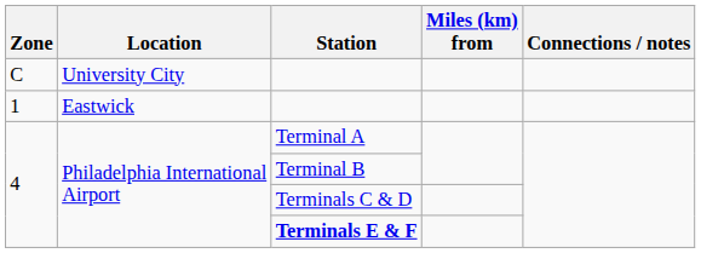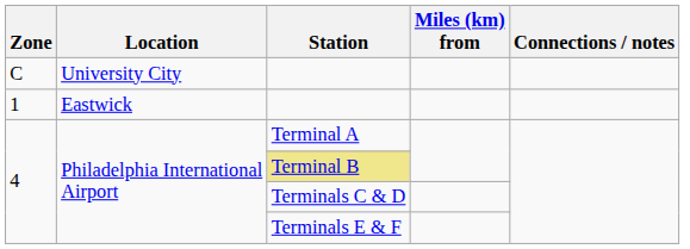 <table class="wikitable">
 <tr style="vertical-align:bottom;"|>
 <th>Zone</th>
 <th>Location</th>
 <th>Station</th>
 <th><a href='#'>Miles (km)</a><br>from<br></th>
 <th class="nowrap">Connections / notes</th>
 </tr>
 <tr>
 <td>C</td>
 <td><a href='#'>University City</a></td>
 <td> </td>
 <td></td>
 <td></td>
 </tr>
 <tr>
 <td>1</td>
 <td><a href='#'>Eastwick</a></td>
 <td> </td>
 <td></td>
 <td></td>
 </tr>
 <tr>
 <td rowspan=4>4</td>
 <td rowspan=4><a href='#'>Philadelphia International<br>Airport</a> </td>
 <td><a href='#'>Terminal A</a> </td>
 <td rowspan=2></td>
 <td rowspan="4"></td>
 </tr>
 <tr>
-<td><a href='#'>Terminal B</a> </td>
+<td style="background: khaki;"><a href='#'>Terminal B</a> </td>
 </tr>
 <tr>
 <td><a href='#'>Terminals C & D</a> </td>
 <td></td>
 </tr>
 <tr>
-<td><strong><a href='#'>Terminals E & F</a> </strong></td>
+<td><a href='#'>Terminals E & F</a> </td>
 <td></td>
 </tr>
 </table>
